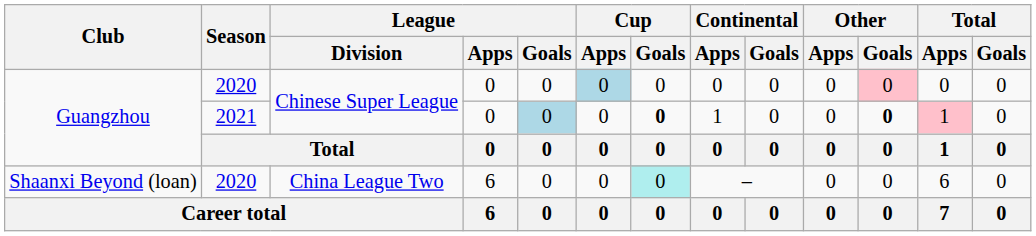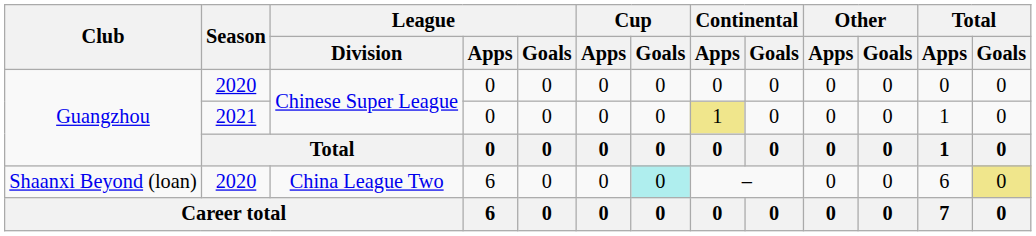 <table class="wikitable" style="text-align: center">
 <tr>
 <th rowspan="2">Club</th>
 <th rowspan="2">Season</th>
 <th colspan="3">League</th>
 <th colspan="2">Cup</th>
 <th colspan="2">Continental</th>
 <th colspan="2">Other</th>
 <th colspan="2">Total</th>
 </tr>
 <tr>
 <th>Division</th>
 <th>Apps</th>
 <th>Goals</th>
 <th>Apps</th>
 <th>Goals</th>
 <th>Apps</th>
 <th>Goals</th>
 <th>Apps</th>
 <th>Goals</th>
 <th>Apps</th>
 <th>Goals</th>
 </tr>
 <tr>
 <td rowspan="3"><a href='#'>Guangzhou</a></td>
 <td><a href='#'>2020</a></td>
 <td rowspan="2"><a href='#'>Chinese Super League</a></td>
 <td>0</td>
 <td>0</td>
-<td style="background: lightblue;">0</td>
 <td>0</td>
 <td>0</td>
 <td>0</td>
 <td>0</td>
-<td style="background: pink;">0</td>
+<td>0</td>
+<td>0</td>
 <td>0</td>
 <td>0</td>
 </tr>
 <tr>
 <td><a href='#'>2021</a></td>
 <td>0</td>
-<td style="background: lightblue;">0</td>
-<td>0</td>
-<td><strong>0</strong></td>
-<td>1</td>
 <td>0</td>
 <td>0</td>
-<td><strong>0</strong></td>
-<td style="background: pink;">1</td>
+<td>0</td>
+<td style="background: khaki;">1</td>
+<td>0</td>
+<td>0</td>
+<td>0</td>
+<td>1</td>
 <td>0</td>
 </tr>
 <tr>
 <th colspan=2>Total</th>
 <th>0</th>
 <th>0</th>
 <th>0</th>
 <th>0</th>
 <th>0</th>
 <th>0</th>
 <th>0</th>
 <th>0</th>
 <th>1</th>
 <th>0</th>
 </tr>
 <tr>
 <td><a href='#'>Shaanxi Beyond</a> (loan)</td>
 <td><a href='#'>2020</a></td>
 <td><a href='#'>China League Two</a></td>
 <td>6</td>
 <td>0</td>
 <td>0</td>
 <td style="background: paleturquoise;">0</td>
 <td colspan="2">–</td>
 <td>0</td>
 <td>0</td>
 <td>6</td>
-<td>0</td>
+<td style="background: khaki;">0</td>
 </tr>
 <tr>
 <th colspan=3>Career total</th>
 <th>6</th>
 <th>0</th>
 <th>0</th>
 <th>0</th>
 <th>0</th>
 <th>0</th>
 <th>0</th>
 <th>0</th>
 <th>7</th>
 <th>0</th>
 </tr>
 </table>
